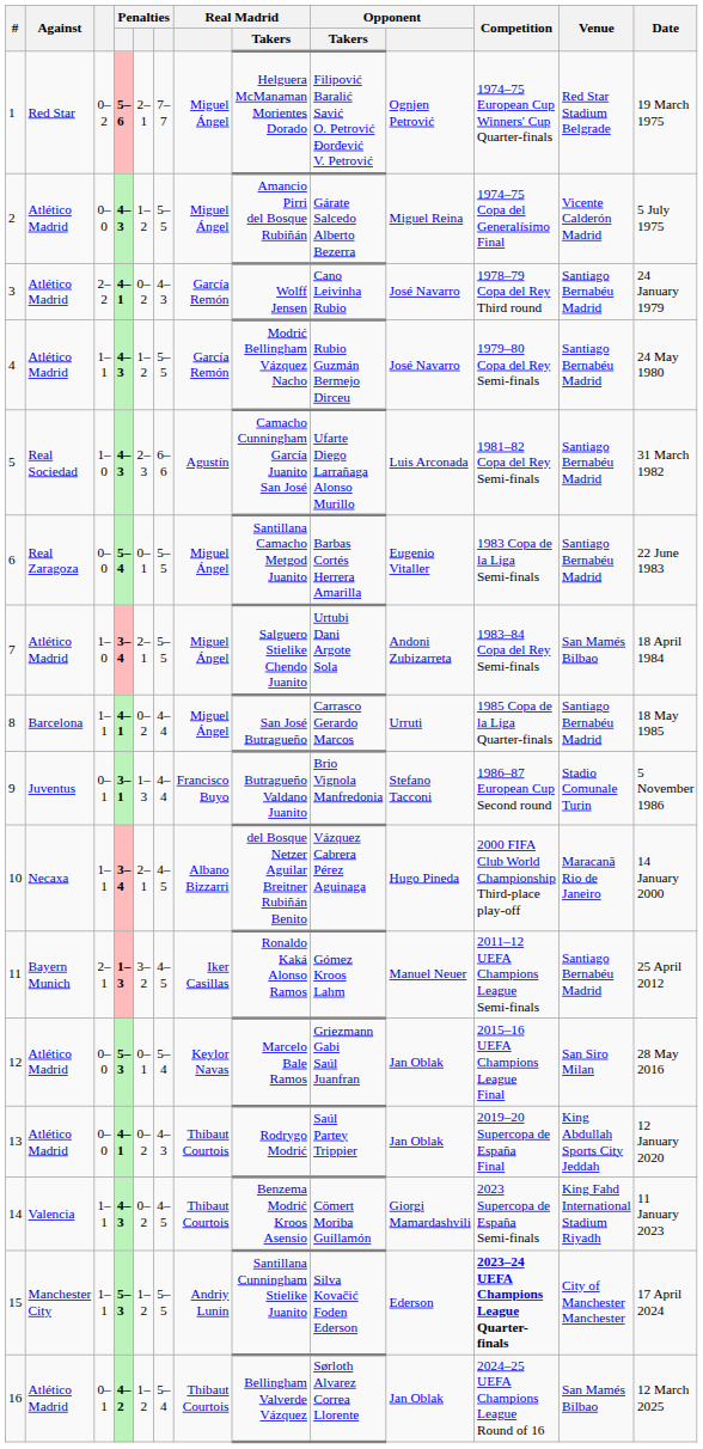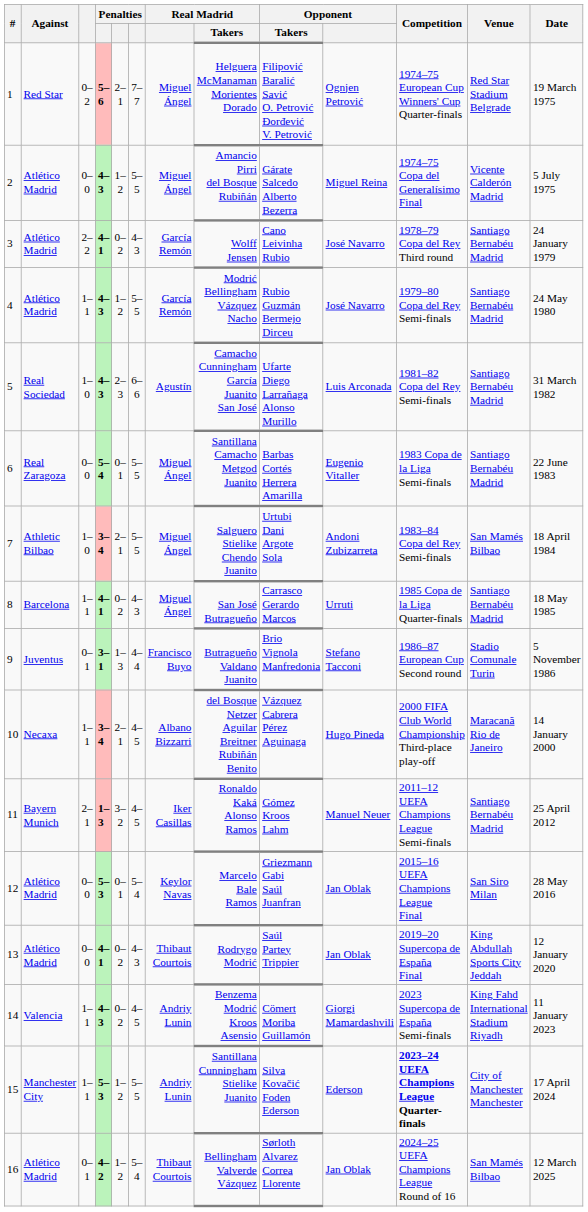 <table class="wikitable sortable" style="text-align:; font-size:88%;">
 <tr>
 <th rowspan=2>#</th>
 <th rowspan=2>Against</th>
 <th rowspan=2></th>
 <th colspan=3>Penalties</th>
 <th colspan=2>Real Madrid</th>
 <th colspan=2>Opponent</th>
 <th rowspan=2>Competition</th>
 <th rowspan=2>Venue</th>
 <th rowspan=2>Date</th>
 </tr>
 <tr>
 <th></th>
 <th></th>
 <th></th>
 <th></th>
 <th style="border-bottom:3px solid gray">Takers</th>
 <th style="border-bottom:3px solid gray">Takers</th>
 <th></th>
 </tr>
 <tr>
 <td>1</td>
 <td><a href='#'>Red Star</a></td>
 <td align=center>0–2</td>
 <td bgcolor=#FFBBBB><strong>5–6</strong></td>
 <td align=center>2–1</td>
 <td align=center>7–7</td>
 <td align=right><a href='#'>Miguel Ángel</a></td>
 <td align=right style="border-bottom:3px solid gray; vertical-align:top"><br><a href='#'>Helguera</a> <br><a href='#'>McManaman</a> <br><a href='#'>Morientes</a> <br><a href='#'>Dorado</a> </td>
 <td align=left style="border-bottom:3px solid gray; vertical-align:top"><br> <a href='#'>Filipović</a><br> <a href='#'>Baralić</a><br> <a href='#'>Savić</a><br> <a href='#'>O. Petrović</a><br> <a href='#'>Đorđević</a><br> <a href='#'>V. Petrović</a></td>
 <td align=left><a href='#'>Ognjen Petrović</a></td>
 <td><a href='#'>1974–75 European Cup Winners' Cup</a><br>Quarter-finals</td>
 <td><a href='#'>Red Star Stadium</a><br><a href='#'>Belgrade</a></td>
 <td>19 March 1975</td>
 </tr>
 <tr>
 <td>2</td>
 <td><a href='#'>Atlético Madrid</a></td>
 <td align=center>0–0</td>
 <td bgcolor=#BBF3BB><strong>4–3</strong></td>
 <td align=center>1–2</td>
 <td align=center>5–5</td>
 <td align=right><a href='#'>Miguel Ángel</a></td>
 <td align=right style="border-bottom:3px solid gray; vertical-align:top"><a href='#'>Amancio</a> <br><a href='#'>Pirri</a> <br><a href='#'>del Bosque</a> <br><a href='#'>Rubiñán</a> <br></td>
 <td align=left style="border-bottom:3px solid gray; vertical-align:top"><br> <a href='#'>Gárate</a><br> <a href='#'>Salcedo</a><br> <a href='#'>Alberto</a><br> <a href='#'>Bezerra</a></td>
 <td align=left><a href='#'>Miguel Reina</a></td>
 <td><a href='#'>1974–75 Copa del Generalísimo</a><br><a href='#'>Final</a></td>
 <td><a href='#'>Vicente Calderón</a><br><a href='#'>Madrid</a></td>
 <td>5 July 1975</td>
 </tr>
 <tr>
 <td>3</td>
 <td><a href='#'>Atlético Madrid</a></td>
 <td align=center>2–2</td>
 <td bgcolor=#BBF3BB><strong>4–1</strong></td>
 <td align=center>0–2</td>
 <td align=center>4–3</td>
 <td align=right><a href='#'>García Remón</a></td>
 <td align=right style="border-bottom:3px solid gray; vertical-align:top"> <br><a href='#'>Wolff</a> <br><a href='#'>Jensen</a> <br></td>
 <td align=left style="border-bottom:3px solid gray; vertical-align:top"> <a href='#'>Cano</a><br> <a href='#'>Leivinha</a><br> <a href='#'>Rubio</a></td>
 <td align=left><a href='#'>José Navarro</a></td>
 <td><a href='#'>1978–79 Copa del Rey</a><br>Third round</td>
 <td><a href='#'>Santiago Bernabéu</a><br><a href='#'>Madrid</a></td>
 <td>24 January 1979</td>
 </tr>
 <tr>
 <td>4</td>
 <td><a href='#'>Atlético Madrid</a></td>
 <td align=center>1–1</td>
 <td bgcolor=#BBF3BB><strong>4–3</strong></td>
 <td align=center>1–2</td>
 <td align=center>5–5</td>
 <td align=right><a href='#'>García Remón</a></td>
 <td align=right style="border-bottom:3px solid gray; vertical-align:top"><a href='#'>Modrić</a> <br><a href='#'>Bellingham</a> <br><a href='#'>Vázquez</a> <br><a href='#'>Nacho</a> <br></td>
 <td align=left style="border-bottom:3px solid gray; vertical-align:top"> <br> <a href='#'>Rubio</a><br> <a href='#'>Guzmán</a><br> <a href='#'>Bermejo</a><br> <a href='#'>Dirceu</a></td>
 <td align=left><a href='#'>José Navarro</a></td>
 <td><a href='#'>1979–80 Copa del Rey</a><br>Semi-finals</td>
 <td><a href='#'>Santiago Bernabéu</a><br><a href='#'>Madrid</a></td>
 <td>24 May 1980</td>
 </tr>
 <tr>
 <td>5</td>
 <td><a href='#'>Real Sociedad</a></td>
 <td align=center>1–0</td>
 <td bgcolor=#BBF3BB><strong>4–3</strong></td>
 <td align=center>2–3</td>
 <td align=center>6–6</td>
 <td align=right><a href='#'>Agustín</a></td>
 <td align=right style="border-bottom:3px solid gray; vertical-align:top"><a href='#'>Camacho</a> <br><a href='#'>Cunningham</a> <br><a href='#'>García</a> <br><a href='#'>Juanito</a> <br><a href='#'>San José</a> <br></td>
 <td align=left style="border-bottom:3px solid gray; vertical-align:top"> <br> <a href='#'>Ufarte</a><br> <a href='#'>Diego</a><br> <a href='#'>Larrañaga</a><br> <a href='#'>Alonso</a><br> <a href='#'>Murillo</a></td>
 <td align=left><a href='#'>Luis Arconada</a></td>
 <td><a href='#'>1981–82 Copa del Rey</a><br>Semi-finals</td>
 <td><a href='#'>Santiago Bernabéu</a><br><a href='#'>Madrid</a></td>
 <td>31 March 1982</td>
 </tr>
 <tr>
 <td>6</td>
 <td><a href='#'>Real Zaragoza</a></td>
 <td align=center>0–0</td>
 <td bgcolor=#BBF3BB><strong>5–4</strong></td>
 <td align=center>0–1</td>
 <td align=center>5–5</td>
 <td align=right><a href='#'>Miguel Ángel</a></td>
 <td align=right style="border-bottom:3px solid gray; vertical-align:top"><a href='#'>Santillana</a> <br><a href='#'>Camacho</a> <br><a href='#'>Metgod</a> <br><a href='#'>Juanito</a> <br></td>
 <td align=left style="border-bottom:3px solid gray; vertical-align:top"><br> <a href='#'>Barbas</a><br> <a href='#'>Cortés</a><br> <a href='#'>Herrera</a><br> <a href='#'>Amarilla</a></td>
 <td align=left><a href='#'>Eugenio Vitaller</a></td>
 <td><a href='#'>1983 Copa de la Liga</a><br>Semi-finals</td>
 <td><a href='#'>Santiago Bernabéu</a><br><a href='#'>Madrid</a></td>
 <td>22 June 1983</td>
 </tr>
 <tr>
 <td>7</td>
-<td><a href='#'>Atlético Madrid</a></td>
+<td><a href='#'>Athletic Bilbao</a></td>
 <td align=center>1–0</td>
 <td bgcolor=#FFBBBB><strong>3–4</strong></td>
 <td align=center>2–1</td>
 <td align=center>5–5</td>
 <td align=right><a href='#'>Miguel Ángel</a></td>
 <td align=right style="border-bottom:3px solid gray; vertical-align:top"><br><a href='#'>Salguero</a> <br><a href='#'>Stielike</a> <br><a href='#'>Chendo</a> <br><a href='#'>Juanito</a> </td>
 <td align=left style="border-bottom:3px solid gray; vertical-align:top"> <a href='#'>Urtubi</a><br> <a href='#'>Dani</a><br> <a href='#'>Argote</a><br> <a href='#'>Sola</a><br></td>
 <td align=left><a href='#'>Andoni Zubizarreta</a></td>
 <td><a href='#'>1983–84 Copa del Rey</a><br>Semi-finals</td>
 <td><a href='#'>San Mamés</a><br><a href='#'>Bilbao</a></td>
 <td>18 April 1984</td>
 </tr>
 <tr>
 <td>8</td>
 <td><a href='#'>Barcelona</a></td>
 <td align=center>1–1</td>
 <td bgcolor=#BBF3BB><strong>4–1</strong></td>
 <td align=center>0–2</td>
-<td align=center>4–4</td>
+<td align=center>4–3</td>
 <td align=right><a href='#'>Miguel Ángel</a></td>
 <td align=right style="border-bottom:3px solid gray; vertical-align:top"><br><a href='#'>San José</a> <br><a href='#'>Butragueño</a> <br></td>
 <td align=left style="border-bottom:3px solid gray; vertical-align:top"> <a href='#'>Carrasco</a><br> <a href='#'>Gerardo</a><br> <a href='#'>Marcos</a></td>
 <td align=left><a href='#'>Urruti</a></td>
 <td><a href='#'>1985 Copa de la Liga</a><br>Quarter-finals</td>
 <td><a href='#'>Santiago Bernabéu</a><br><a href='#'>Madrid</a></td>
 <td>18 May 1985</td>
 </tr>
 <tr>
 <td>9</td>
 <td><a href='#'>Juventus</a></td>
 <td align=center>0–1</td>
 <td bgcolor=#BBF3BB><strong>3–1</strong></td>
 <td align=center>1–3</td>
 <td align=center>4–4</td>
 <td align=right><a href='#'>Francisco Buyo</a></td>
 <td align=right style="border-bottom:3px solid gray; vertical-align:top"><br><a href='#'>Butragueño</a> <br><a href='#'>Valdano</a> <br><a href='#'>Juanito</a> </td>
 <td align=left style="border-bottom:3px solid gray; vertical-align:top"> <a href='#'>Brio</a><br> <a href='#'>Vignola</a><br> <a href='#'>Manfredonia</a><br></td>
 <td align=left><a href='#'>Stefano Tacconi</a></td>
 <td><a href='#'>1986–87 European Cup</a><br>Second round</td>
 <td><a href='#'>Stadio Comunale</a><br><a href='#'>Turin</a></td>
 <td>5 November 1986</td>
 </tr>
 <tr>
 <td>10</td>
 <td><a href='#'>Necaxa</a></td>
 <td align=center>1–1</td>
 <td bgcolor=#FFBBBB><strong>3–4</strong></td>
 <td align=center>2–1</td>
 <td align=center>4–5</td>
 <td align=right><a href='#'>Albano Bizzarri</a></td>
 <td align=right style="border-bottom:3px solid gray; vertical-align:top"><a href='#'>del Bosque</a> <br><a href='#'>Netzer</a> <br><a href='#'>Aguilar</a> <br><a href='#'>Breitner</a> <br><a href='#'>Rubiñán</a> <br><a href='#'>Benito</a> <br> </td>
 <td align=left style="border-bottom:3px solid gray; vertical-align:top"> <a href='#'>Vázquez</a><br> <a href='#'>Cabrera</a><br> <a href='#'>Pérez</a><br> <a href='#'>Aguinaga</a><br></td>
 <td align=left><a href='#'>Hugo Pineda</a></td>
 <td><a href='#'>2000 FIFA Club World Championship</a><br>Third-place play-off</td>
 <td><a href='#'>Maracanã</a><br><a href='#'>Rio de Janeiro</a></td>
 <td>14 January 2000</td>
 </tr>
 <tr>
 <td>11</td>
 <td><a href='#'>Bayern Munich</a></td>
 <td align=center>2–1</td>
 <td bgcolor=#FFBBBB><strong>1–3</strong></td>
 <td align=center>3–2</td>
 <td align=center>4–5</td>
 <td align=right><a href='#'>Iker Casillas</a></td>
 <td align=right style="border-bottom:3px solid gray; vertical-align:top"><a href='#'>Ronaldo</a> <br><a href='#'>Kaká</a> <br><a href='#'>Alonso</a> <br><a href='#'>Ramos</a> </td>
 <td align=left style="border-bottom:3px solid gray; vertical-align:top"><br> <a href='#'>Gómez</a><br> <a href='#'>Kroos</a><br> <a href='#'>Lahm</a><br></td>
 <td align=left><a href='#'>Manuel Neuer</a></td>
 <td><a href='#'>2011–12 UEFA Champions League</a><br>Semi-finals</td>
 <td><a href='#'>Santiago Bernabéu</a><br><a href='#'>Madrid</a></td>
 <td>25 April 2012</td>
 </tr>
 <tr>
 <td>12</td>
 <td><a href='#'>Atlético Madrid</a></td>
 <td align=center>0–0</td>
 <td bgcolor=#BBF3BB><strong>5–3</strong></td>
 <td align=center>0–1</td>
 <td align=center>5–4</td>
 <td align=right><a href='#'>Keylor Navas</a></td>
 <td align=right style="border-bottom:3px solid gray; vertical-align:top"><br><a href='#'>Marcelo</a> <br><a href='#'>Bale</a> <br><a href='#'>Ramos</a> <br></td>
 <td align=left style="border-bottom:3px solid gray; vertical-align:top"> <a href='#'>Griezmann</a><br> <a href='#'>Gabi</a><br> <a href='#'>Saúl</a><br> <a href='#'>Juanfran</a></td>
 <td align=left><a href='#'>Jan Oblak</a></td>
 <td><a href='#'>2015–16 UEFA Champions League</a><br><a href='#'>Final</a></td>
 <td><a href='#'>San Siro</a><br><a href='#'>Milan</a></td>
 <td>28 May 2016</td>
 </tr>
 <tr>
 <td>13</td>
 <td><a href='#'>Atlético Madrid</a></td>
 <td align=center>0–0</td>
 <td bgcolor=#BBF3BB><strong>4–1</strong></td>
 <td align=center>0–2</td>
 <td align=center>4–3</td>
 <td align=right><a href='#'>Thibaut Courtois</a></td>
 <td align=right style="border-bottom:3px solid gray; vertical-align:top"><br><a href='#'>Rodrygo</a> <br><a href='#'>Modrić</a> <br></td>
 <td align=left style="border-bottom:3px solid gray; vertical-align:top"> <a href='#'>Saúl</a><br> <a href='#'>Partey</a><br> <a href='#'>Trippier</a></td>
 <td align=left><a href='#'>Jan Oblak</a></td>
 <td><a href='#'>2019–20 Supercopa de España</a><br><a href='#'>Final</a></td>
 <td><a href='#'>King Abdullah Sports City</a><br><a href='#'>Jeddah</a></td>
 <td>12 January 2020</td>
 </tr>
 <tr>
 <td>14</td>
 <td><a href='#'>Valencia</a></td>
 <td align=center>1–1</td>
 <td bgcolor=#BBF3BB><strong>4–3</strong></td>
 <td align=center>0–2</td>
 <td align=center>4–5</td>
-<td align=right><a href='#'>Thibaut Courtois</a></td>
+<td align=right><a href='#'>Andriy Lunin</a></td>
 <td align=right style="border-bottom:3px solid gray; vertical-align:top"><a href='#'>Benzema</a> <br><a href='#'>Modrić</a> <br><a href='#'>Kroos</a> <br><a href='#'>Asensio</a> </td>
 <td align=left style="border-bottom:3px solid gray; vertical-align:top"><br> <a href='#'>Cömert</a><br> <a href='#'>Moriba</a><br> <a href='#'>Guillamón</a><br></td>
 <td align=left><a href='#'>Giorgi Mamardashvili</a></td>
 <td><a href='#'>2023 Supercopa de España</a><br>Semi-finals</td>
 <td><a href='#'>King Fahd International Stadium</a><br><a href='#'>Riyadh</a></td>
 <td>11 January 2023</td>
 </tr>
 <tr>
 <td>15</td>
 <td><a href='#'>Manchester City</a></td>
 <td align=center>1–1</td>
 <td bgcolor=#BBF3BB><strong>5–3</strong></td>
 <td align=center>1–2</td>
 <td align=center>5–5</td>
 <td align=right><a href='#'>Andriy Lunin</a></td>
 <td align=right style="border-bottom:3px solid gray; vertical-align:top"><a href='#'>Santillana</a> <br><a href='#'>Cunningham</a> <br><a href='#'>Stielike</a> <br><a href='#'>Juanito</a> <br></td>
 <td align=left style="border-bottom:3px solid gray; vertical-align:top"><br> <a href='#'>Silva</a><br> <a href='#'>Kovačić</a><br> <a href='#'>Foden</a><br> <a href='#'>Ederson</a></td>
 <td align=left><a href='#'>Ederson</a></td>
 <td><strong><a href='#'>2023–24 UEFA Champions League</a><br>Quarter-finals</strong></td>
 <td><a href='#'>City of Manchester</a><br><a href='#'>Manchester</a></td>
 <td>17 April 2024</td>
 </tr>
 <tr>
 <td>16</td>
 <td><a href='#'>Atlético Madrid</a></td>
 <td align=center>0–1</td>
 <td bgcolor=#BBF3BB><strong>4–2</strong></td>
 <td align=center>1–2</td>
 <td align=center>5–4</td>
 <td align=right><a href='#'>Thibaut Courtois</a></td>
 <td align=right style="border-bottom:3px solid gray; vertical-align:top"><br><a href='#'>Bellingham</a> <br><a href='#'>Valverde</a> <br><a href='#'>Vázquez</a> <br></td>
 <td align=left style="border-bottom:3px solid gray; vertical-align:top"> <a href='#'>Sørloth</a><br> <a href='#'>Alvarez</a><br> <a href='#'>Correa</a><br> <a href='#'>Llorente</a></td>
 <td align=left><a href='#'>Jan Oblak</a></td>
 <td><a href='#'>2024–25 UEFA Champions League</a><br>Round of 16</td>
 <td><a href='#'>San Mamés</a><br><a href='#'>Bilbao</a></td>
 <td>12 March 2025</td>
 </tr>
 </table>
